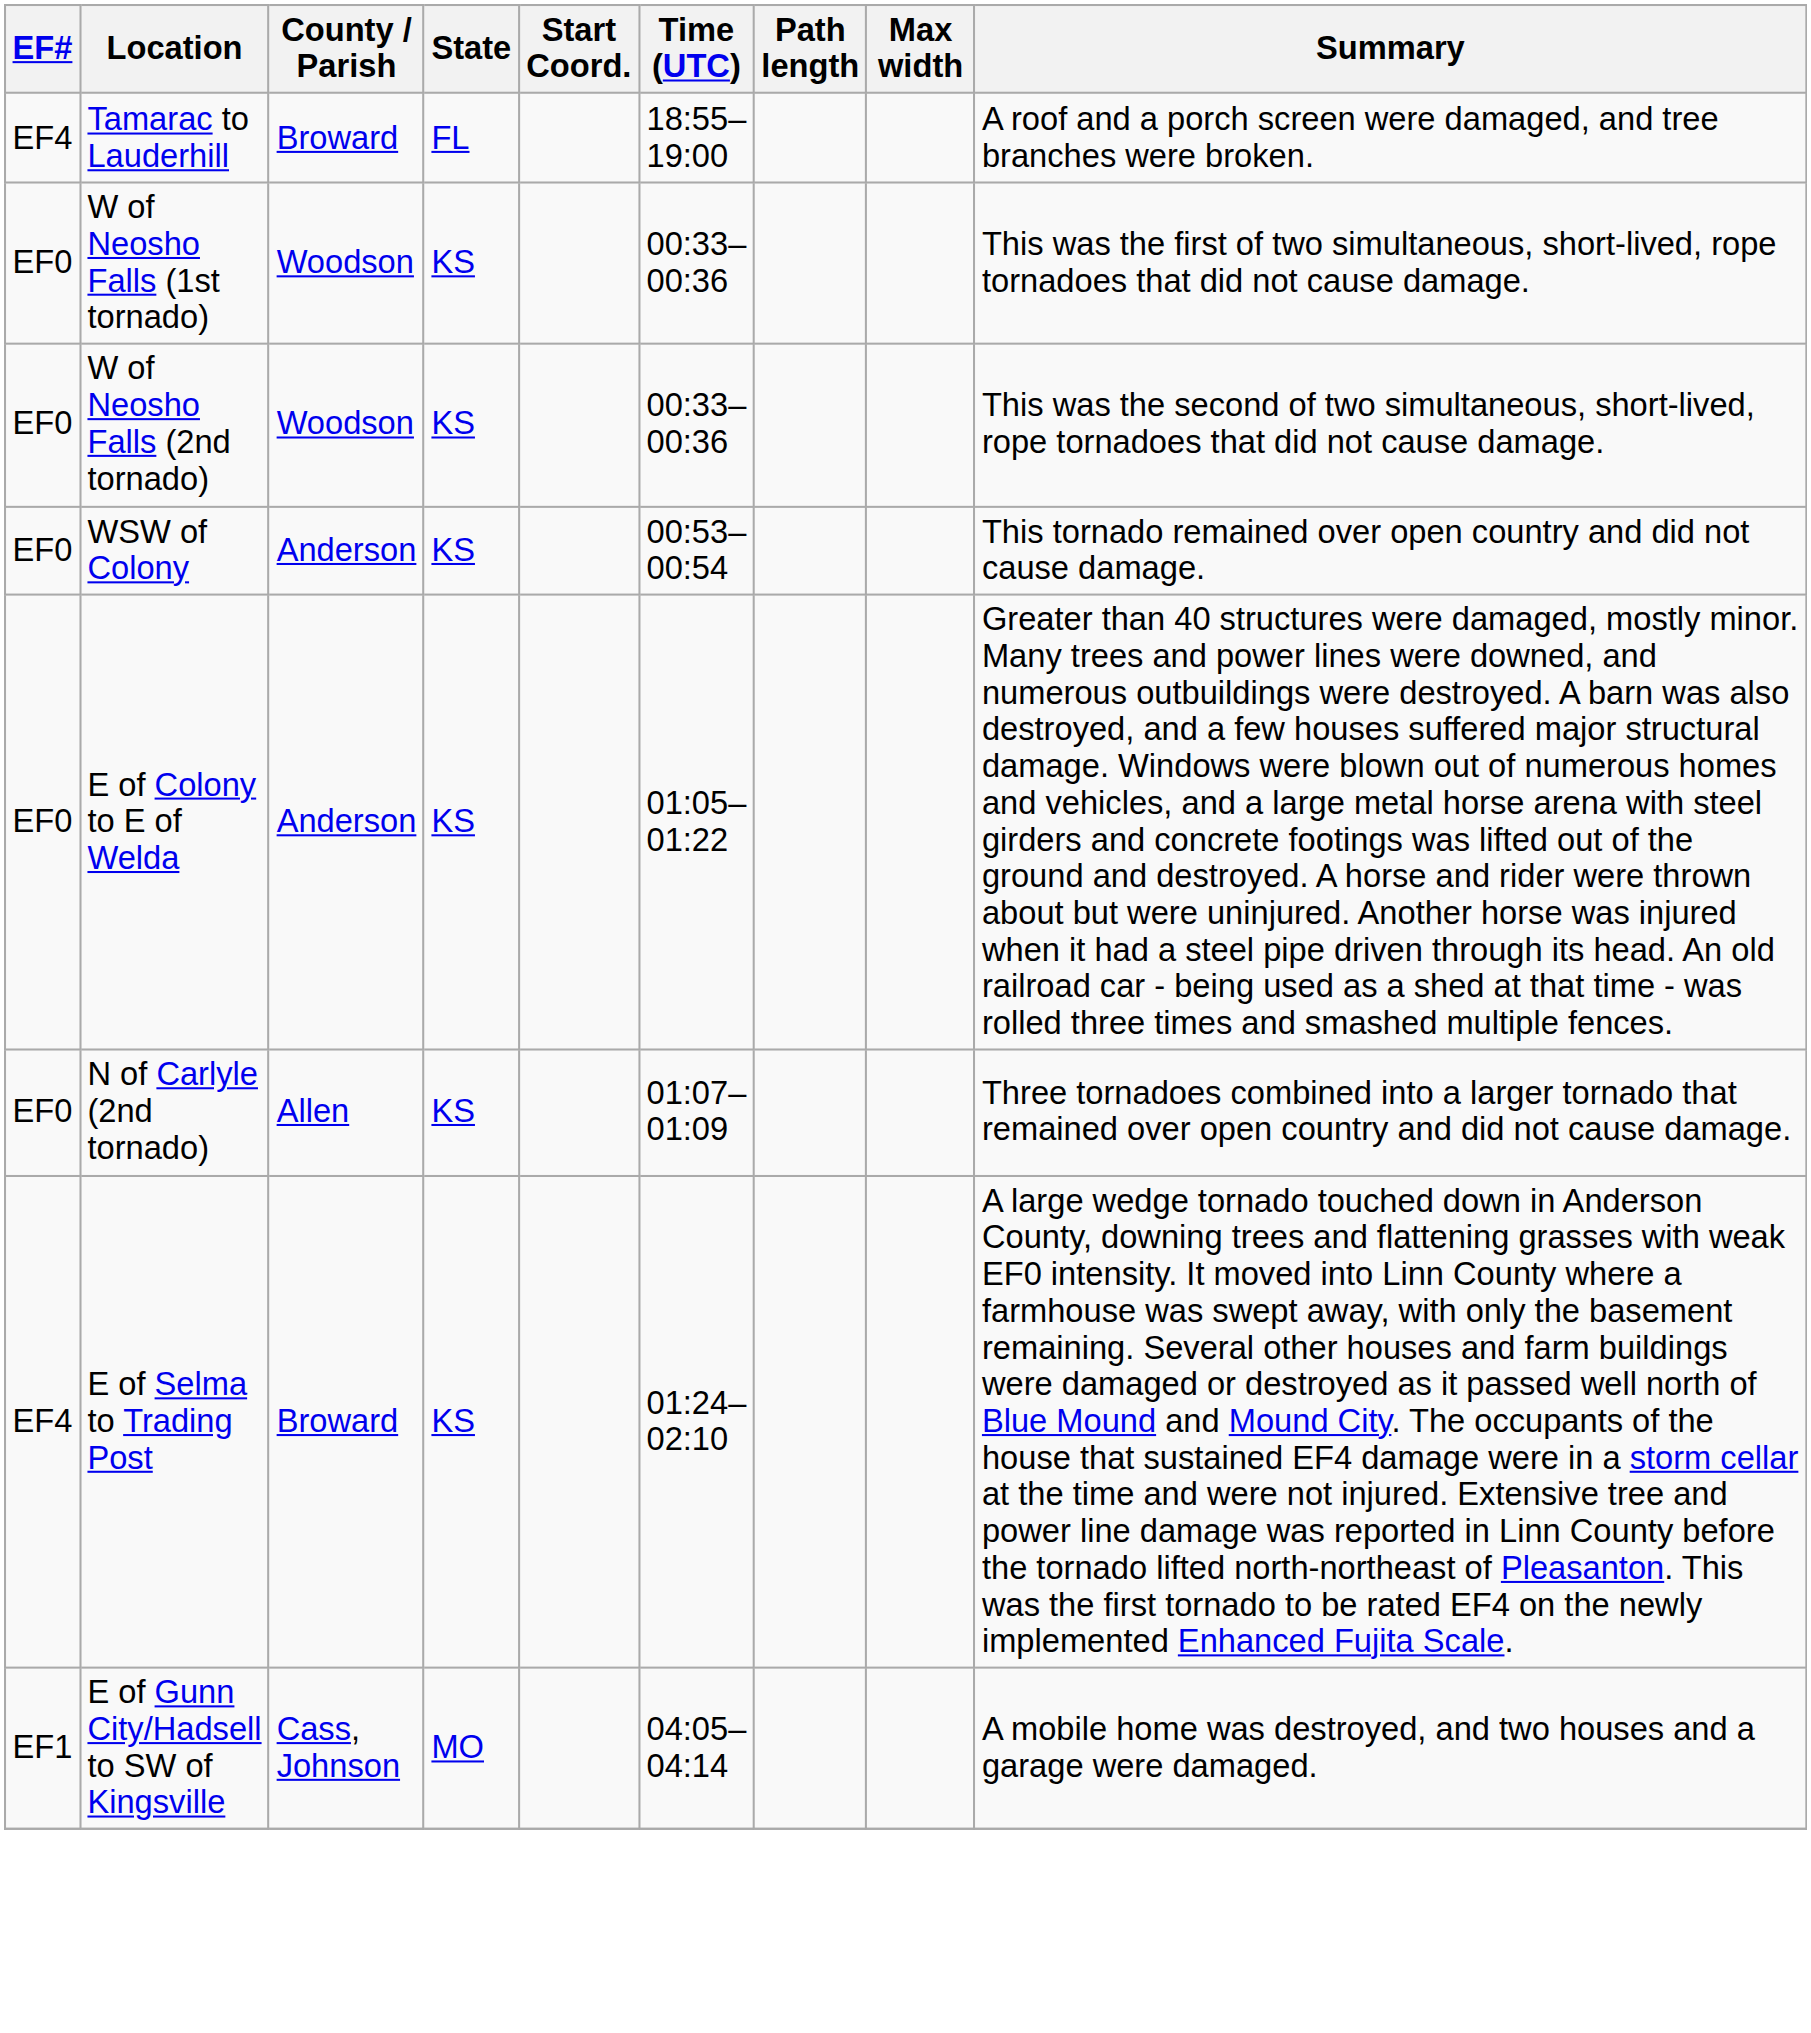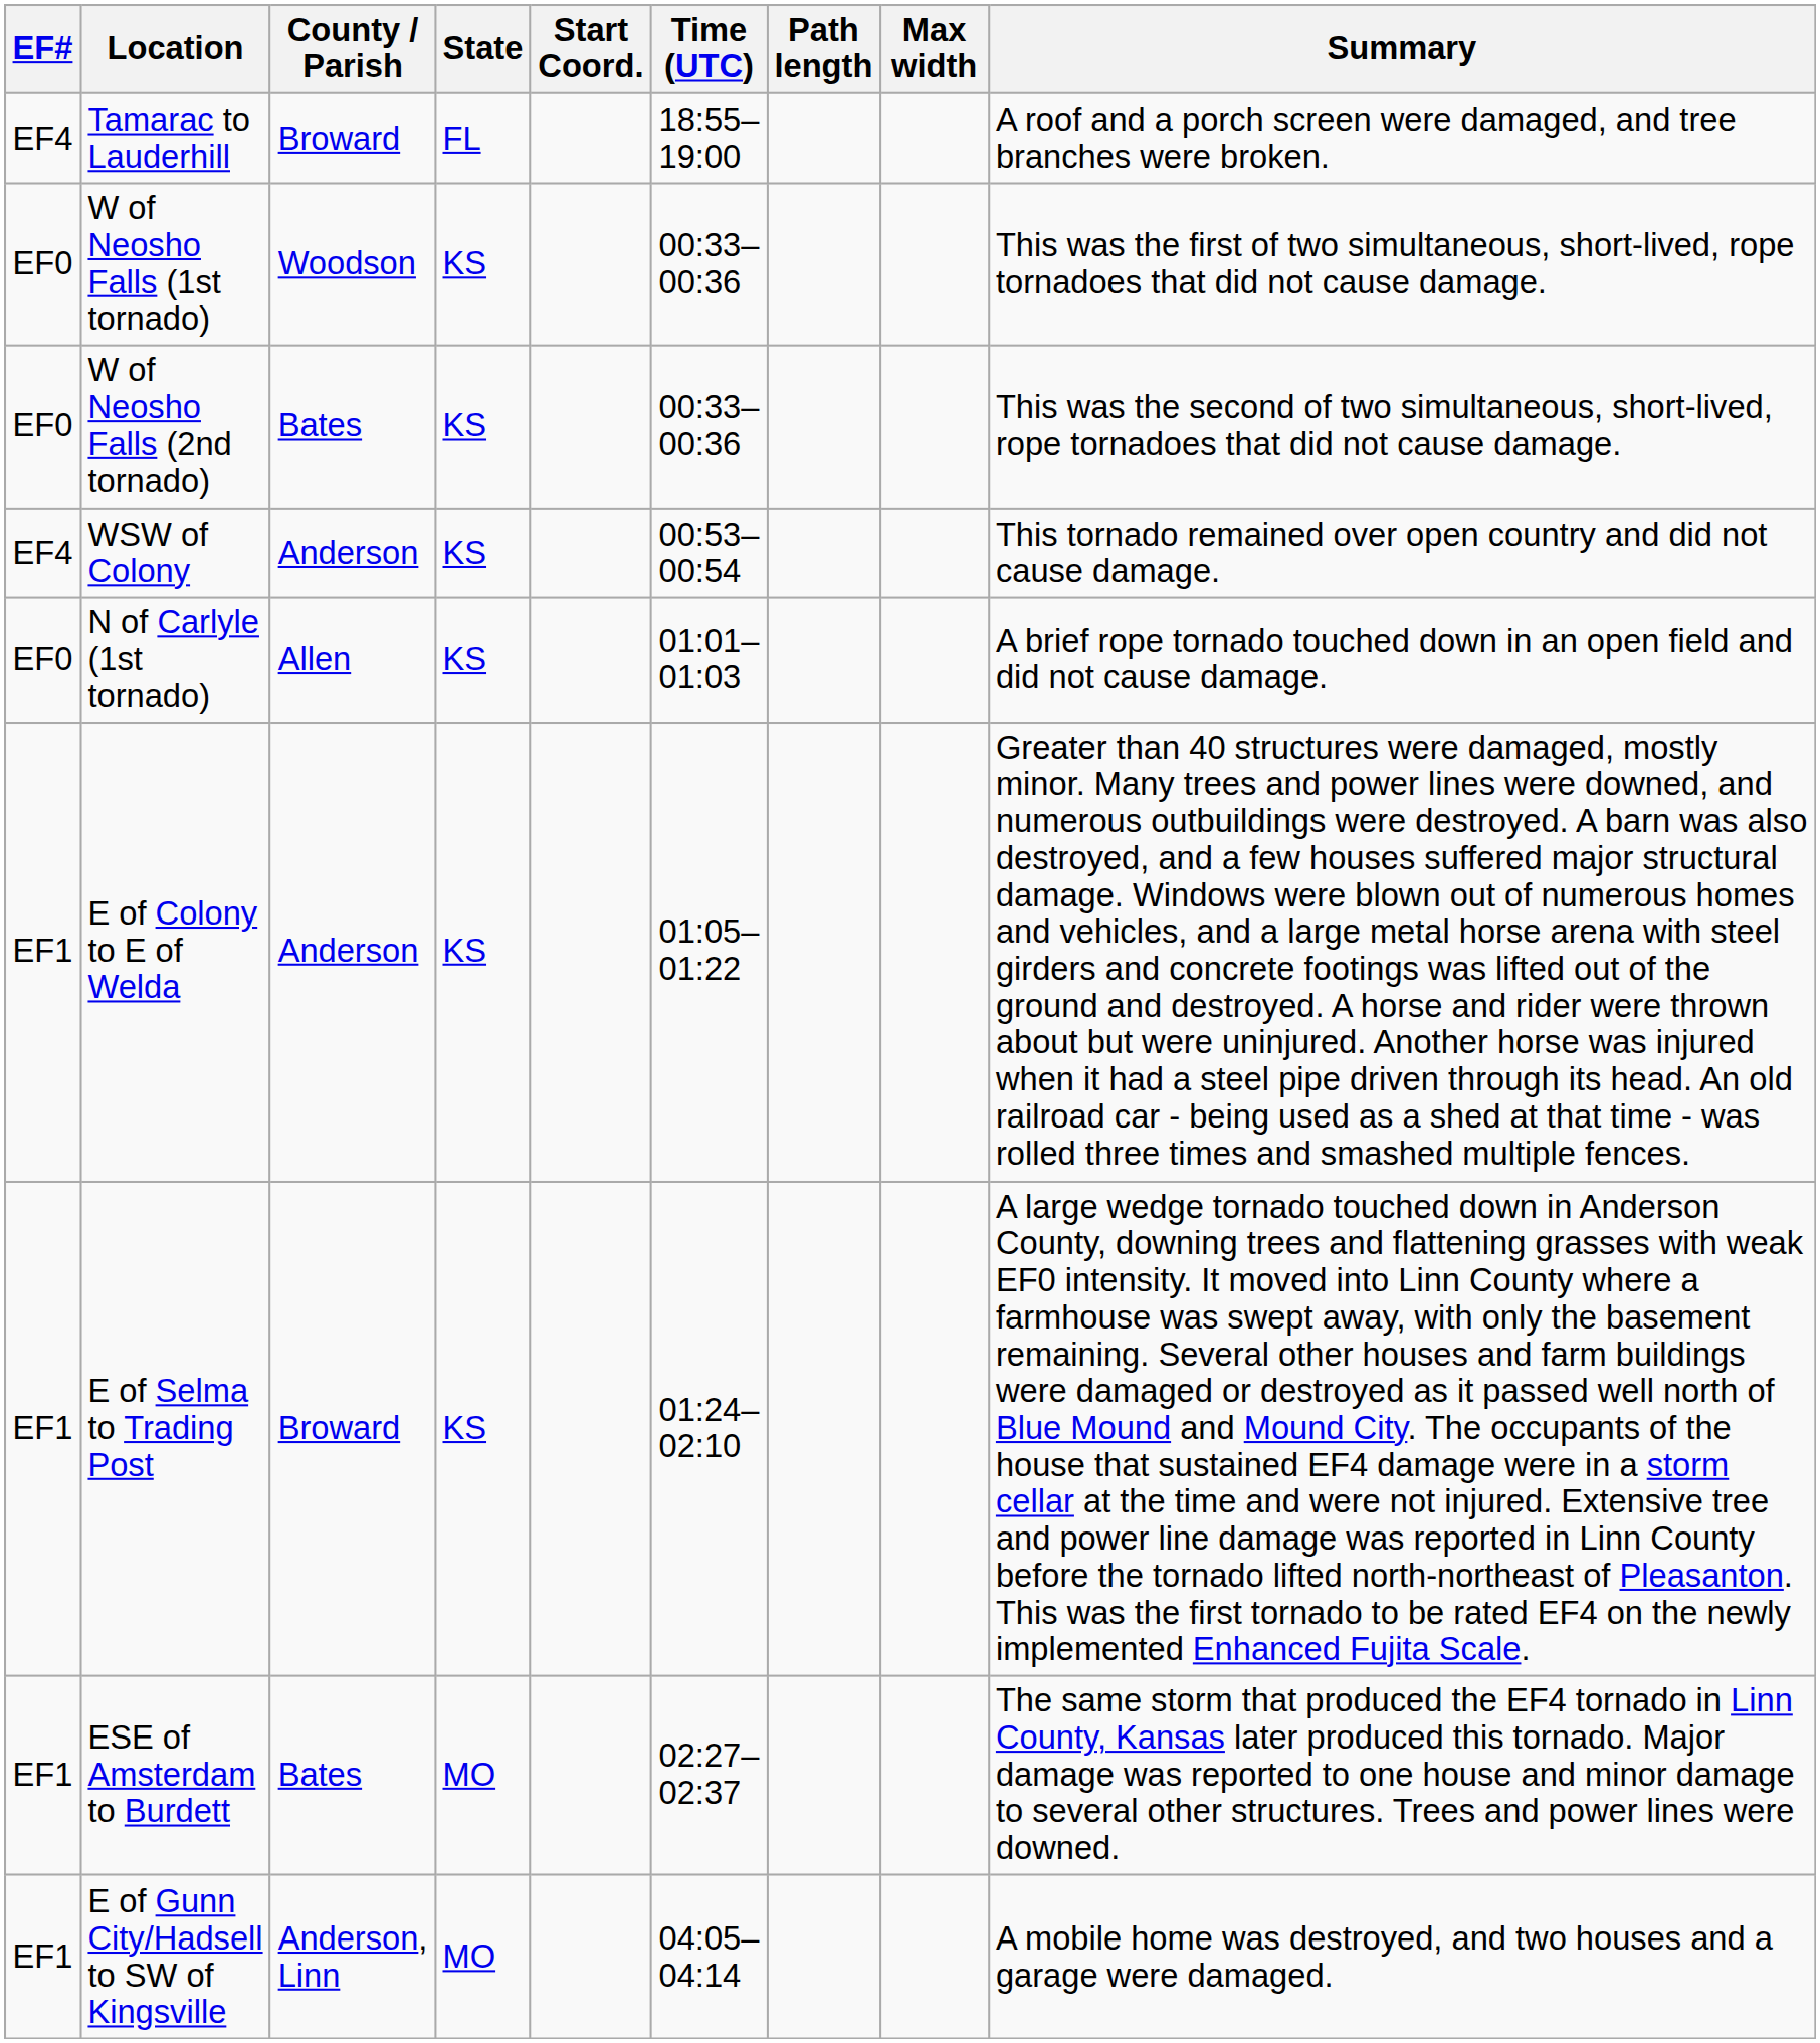 <table class="wikitable sortable" style="width:100%;">
 <tr>
 <th scope="col"  style="width:3%; text-align:center;"><a href='#'>EF#</a></th>
 <th scope="col"  style="width:7%; text-align:center;" class="unsortable">Location</th>
 <th scope="col"  style="width:6%; text-align:center;" class="unsortable">County / Parish</th>
 <th scope="col"  style="width:5%; text-align:center;">State</th>
 <th scope="col"  style="width:6%; text-align:center;">Start Coord.</th>
 <th scope="col"  style="width:6%; text-align:center;">Time (<a href='#'>UTC</a>)</th>
 <th scope="col"  style="width:6%; text-align:center;">Path length</th>
 <th scope="col"  style="width:6%; text-align:center;">Max width</th>
 <th scope="col" class="unsortable" style="width:48%; text-align:center;">Summary</th>
 </tr>
 <tr>
 <td>EF4</td>
 <td><a href='#'>Tamarac</a> to <a href='#'>Lauderhill</a></td>
 <td><a href='#'>Broward</a></td>
 <td><a href='#'>FL</a></td>
 <td></td>
 <td>18:55–19:00</td>
 <td></td>
 <td></td>
 <td>A roof and a porch screen were damaged, and tree branches were broken.</td>
 </tr>
 <tr>
 <td>EF0</td>
 <td>W of <a href='#'>Neosho Falls</a> (1st tornado)</td>
 <td><a href='#'>Woodson</a></td>
 <td><a href='#'>KS</a></td>
 <td></td>
 <td>00:33–00:36</td>
 <td></td>
 <td></td>
 <td>This was the first of two simultaneous, short-lived, rope tornadoes that did not cause damage.</td>
 </tr>
 <tr>
 <td>EF0</td>
 <td>W of <a href='#'>Neosho Falls</a> (2nd tornado)</td>
-<td><a href='#'>Woodson</a></td>
+<td><a href='#'>Bates</a></td>
 <td><a href='#'>KS</a></td>
 <td></td>
 <td>00:33–00:36</td>
 <td></td>
 <td></td>
 <td>This was the second of two simultaneous, short-lived, rope tornadoes that did not cause damage.</td>
 </tr>
 <tr>
-<td>EF0</td>
+<td>EF4</td>
 <td>WSW of <a href='#'>Colony</a></td>
 <td><a href='#'>Anderson</a></td>
 <td><a href='#'>KS</a></td>
 <td></td>
 <td>00:53–00:54</td>
 <td></td>
 <td></td>
 <td>This tornado remained over open country and did not cause damage.</td>
 </tr>
 <tr>
 <td>EF0</td>
+<td>N of <a href='#'>Carlyle</a> (1st tornado)</td>
+<td><a href='#'>Allen</a></td>
+<td><a href='#'>KS</a></td>
+<td></td>
+<td>01:01–01:03</td>
+<td></td>
+<td></td>
+<td>A brief rope tornado touched down in an open field and did not cause damage.</td>
+</tr>
+<tr>
+<td>EF1</td>
 <td>E of <a href='#'>Colony</a> to E of <a href='#'>Welda</a></td>
 <td><a href='#'>Anderson</a></td>
 <td><a href='#'>KS</a></td>
 <td></td>
 <td>01:05–01:22</td>
 <td></td>
 <td></td>
 <td>Greater than 40 structures were damaged, mostly minor. Many trees and power lines were downed, and numerous outbuildings were destroyed. A barn was also destroyed, and a few houses suffered major structural damage. Windows were blown out of numerous homes and vehicles, and a large metal horse arena with steel girders and concrete footings was lifted out of the ground and destroyed. A horse and rider were thrown about  but were uninjured. Another horse was injured when it had a steel pipe driven through its head. An old railroad car - being used as a shed at that time - was rolled three times and smashed multiple fences.</td>
 </tr>
 <tr>
-<td>EF0</td>
-<td>N of <a href='#'>Carlyle</a> (2nd tornado)</td>
-<td><a href='#'>Allen</a></td>
-<td><a href='#'>KS</a></td>
-<td></td>
-<td>01:07–01:09</td>
-<td></td>
-<td></td>
-<td>Three tornadoes combined into a larger tornado that remained over open country and did not cause damage.</td>
-</tr>
-<tr>
-<td>EF4</td>
+<td>EF1</td>
 <td>E of <a href='#'>Selma</a> to <a href='#'>Trading Post</a></td>
 <td><a href='#'>Broward</a></td>
 <td><a href='#'>KS</a></td>
 <td></td>
 <td>01:24–02:10</td>
 <td></td>
 <td></td>
 <td>A large wedge tornado touched down in Anderson County, downing trees and flattening grasses with weak EF0 intensity. It moved into Linn County where a farmhouse was swept away, with only the basement remaining. Several other houses and farm buildings were damaged or destroyed as it passed well north of <a href='#'>Blue Mound</a> and <a href='#'>Mound City</a>. The occupants of the house that sustained EF4 damage were in a <a href='#'>storm cellar</a> at the time and were not injured. Extensive tree and power line damage was reported in Linn County before the tornado lifted north-northeast of <a href='#'>Pleasanton</a>. This was the first tornado to be rated EF4 on the newly implemented <a href='#'>Enhanced Fujita Scale</a>.</td>
 </tr>
 <tr>
 <td>EF1</td>
+<td>ESE of <a href='#'>Amsterdam</a> to <a href='#'>Burdett</a></td>
+<td><a href='#'>Bates</a></td>
+<td><a href='#'>MO</a></td>
+<td></td>
+<td>02:27–02:37</td>
+<td></td>
+<td></td>
+<td>The same storm that produced the EF4 tornado in <a href='#'>Linn County, Kansas</a> later produced this tornado. Major damage was reported to one house and minor damage to several other structures. Trees and power lines were downed.</td>
+</tr>
+<tr>
+<td>EF1</td>
 <td>E of <a href='#'>Gunn City/Hadsell</a> to SW of <a href='#'>Kingsville</a></td>
-<td><a href='#'>Cass</a>, <a href='#'>Johnson</a></td>
+<td><a href='#'>Anderson</a>, <a href='#'>Linn</a></td>
 <td><a href='#'>MO</a></td>
 <td></td>
 <td>04:05–04:14</td>
 <td></td>
 <td></td>
 <td>A mobile home was destroyed, and two houses and a garage were damaged.</td>
 </tr>
 <tr>
 </tr>
 </table>
